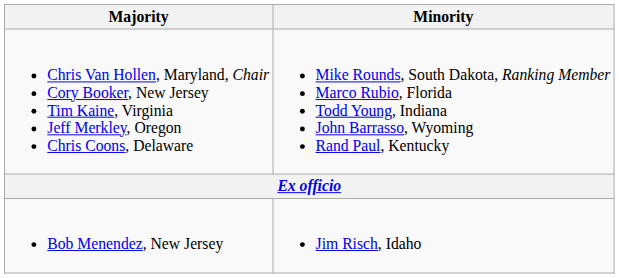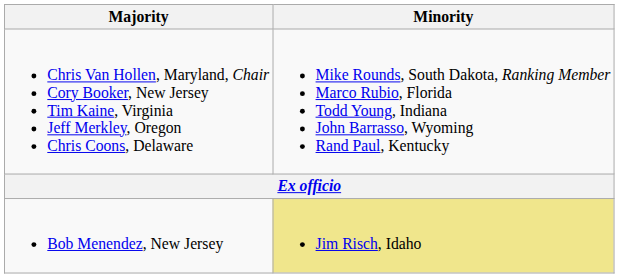 <table class=wikitable>
 <tr>
 <th>Majority</th>
 <th>Minority</th>
 </tr>
 <tr>
 <td><br><ul><li><a href='#'>Chris Van Hollen</a>, Maryland, <em>Chair</em></li><li><a href='#'>Cory Booker</a>, New Jersey</li><li><a href='#'>Tim Kaine</a>, Virginia</li><li><a href='#'>Jeff Merkley</a>, Oregon</li><li><a href='#'>Chris Coons</a>, Delaware</li></ul></td>
 <td><br><ul><li><a href='#'>Mike Rounds</a>, South Dakota, <em>Ranking Member</em></li><li><a href='#'>Marco Rubio</a>, Florida</li><li><a href='#'>Todd Young</a>, Indiana</li><li><a href='#'>John Barrasso</a>, Wyoming</li><li><a href='#'>Rand Paul</a>, Kentucky</li></ul></td>
 </tr>
 <tr>
 <th colspan=2><em><a href='#'>Ex officio</a></em></th>
 </tr>
 <tr>
 <td><br><ul><li><a href='#'>Bob Menendez</a>, New Jersey</li></ul></td>
-<td><br><ul><li><a href='#'>Jim Risch</a>, Idaho</li></ul></td>
+<td style="background: khaki;"><br><ul><li><a href='#'>Jim Risch</a>, Idaho</li></ul></td>
 </tr>
 </table>
